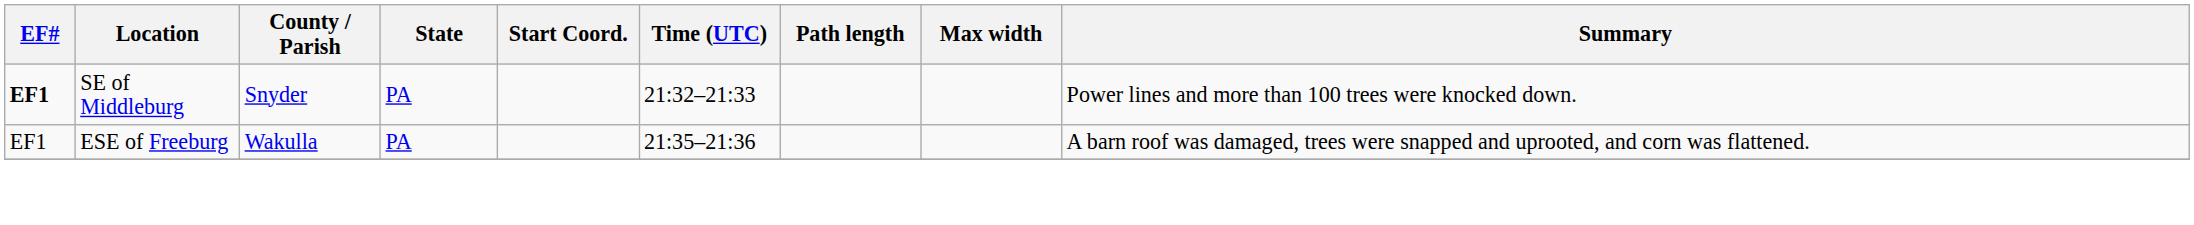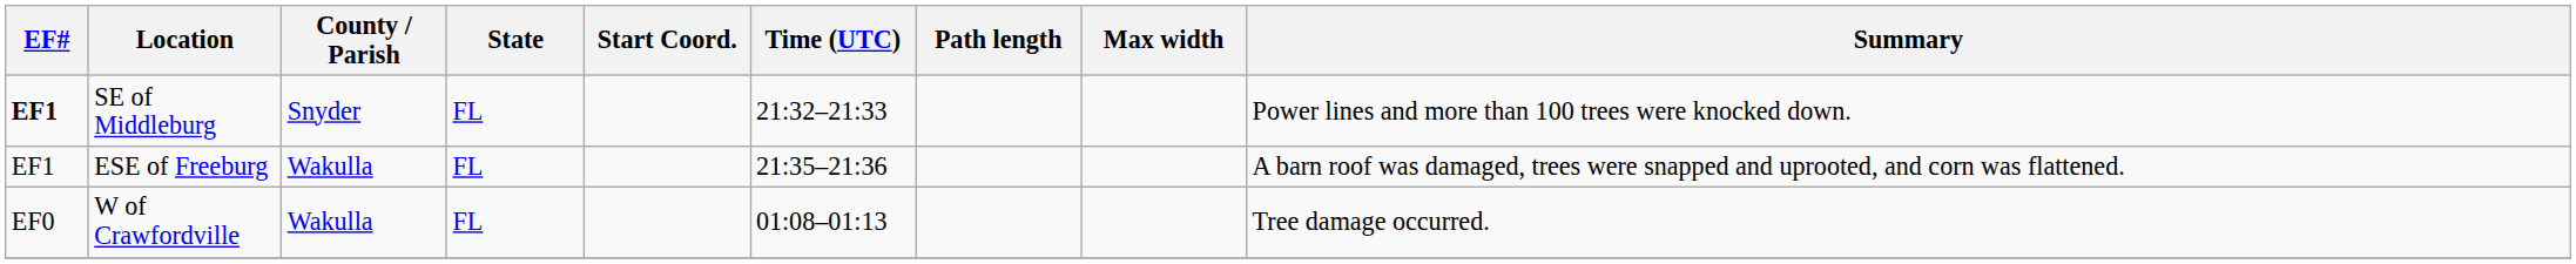 <table class="wikitable sortable" style="width:100%;">
 <tr>
 <th scope="col"  style="width:3%; text-align:center;"><a href='#'>EF#</a></th>
 <th scope="col"  style="width:7%; text-align:center;" class="unsortable">Location</th>
 <th scope="col"  style="width:6%; text-align:center;" class="unsortable">County / Parish</th>
 <th scope="col"  style="width:5%; text-align:center;">State</th>
 <th scope="col"  style="width:6%; text-align:center;">Start Coord.</th>
 <th scope="col"  style="width:6%; text-align:center;">Time (<a href='#'>UTC</a>)</th>
 <th scope="col"  style="width:6%; text-align:center;">Path length</th>
 <th scope="col"  style="width:6%; text-align:center;">Max width</th>
 <th scope="col" class="unsortable" style="width:48%; text-align:center;">Summary</th>
 </tr>
 <tr>
 <td><strong>EF1</strong></td>
 <td>SE of <a href='#'>Middleburg</a></td>
 <td><a href='#'>Snyder</a></td>
-<td><a href='#'>PA</a></td>
+<td><a href='#'>FL</a></td>
 <td></td>
 <td>21:32–21:33</td>
 <td></td>
 <td></td>
 <td>Power lines and more than 100 trees were knocked down.</td>
 </tr>
 <tr>
 <td>EF1</td>
 <td>ESE of <a href='#'>Freeburg</a></td>
 <td><a href='#'>Wakulla</a></td>
-<td><a href='#'>PA</a></td>
+<td><a href='#'>FL</a></td>
 <td></td>
 <td>21:35–21:36</td>
 <td></td>
 <td></td>
 <td>A barn roof was damaged, trees were snapped and uprooted, and corn was flattened.</td>
 </tr>
 <tr>
+<td>EF0</td>
+<td>W of <a href='#'>Crawfordville</a></td>
+<td><a href='#'>Wakulla</a></td>
+<td><a href='#'>FL</a></td>
+<td></td>
+<td>01:08–01:13</td>
+<td></td>
+<td></td>
+<td>Tree damage occurred.</td>
+</tr>
+<tr>
 </tr>
 </table>
